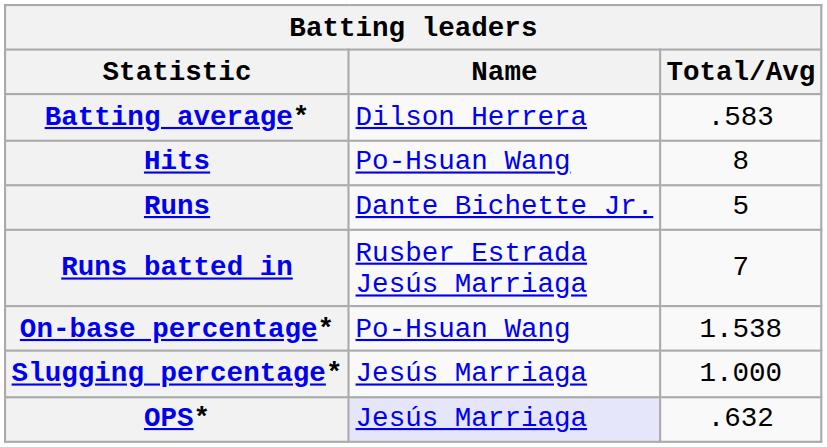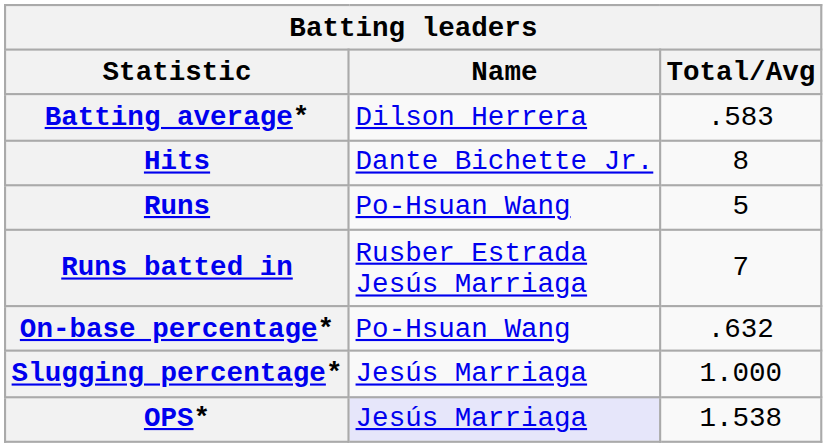 <table class="wikitable plainrowheaders">
 <tr>
 <th colspan="4">Batting leaders</th>
 </tr>
 <tr>
 <th scope="col">Statistic</th>
 <th scope="col">Name</th>
 <th scope="col">Total/Avg</th>
 </tr>
 <tr>
 <th scope="row"><a href='#'>Batting average</a>*</th>
 <td> <a href='#'>Dilson Herrera</a></td>
 <td align=center>.583</td>
 </tr>
 <tr>
 <th scope="row"><a href='#'>Hits</a></th>
-<td> <a href='#'>Po-Hsuan Wang</a></td>
+<td> <a href='#'>Dante Bichette Jr.</a></td>
 <td align=center>8</td>
 </tr>
 <tr>
 <th scope="row"><a href='#'>Runs</a></th>
-<td> <a href='#'>Dante Bichette Jr.</a></td>
+<td> <a href='#'>Po-Hsuan Wang</a></td>
 <td align=center>5</td>
 </tr>
 <tr>
 <th scope="row"><a href='#'>Runs batted in</a></th>
 <td> <a href='#'>Rusber Estrada</a> <br> <a href='#'>Jesús Marriaga</a></td>
 <td align="center">7</td>
 </tr>
 <tr>
 <th scope="row"><a href='#'>On-base percentage</a>*</th>
 <td> <a href='#'>Po-Hsuan Wang</a></td>
-<td align=center>1.538</td>
+<td align=center>.632</td>
 </tr>
 <tr>
 <th scope="row"><a href='#'>Slugging percentage</a>*</th>
 <td> <a href='#'>Jesús Marriaga</a></td>
 <td align=center>1.000</td>
 </tr>
 <tr>
 <th scope="row"><a href='#'>OPS</a>*</th>
 <td style="background: lavender;"> <a href='#'>Jesús Marriaga</a></td>
-<td align=center>.632</td>
+<td align=center>1.538</td>
 </tr>
 </table>
